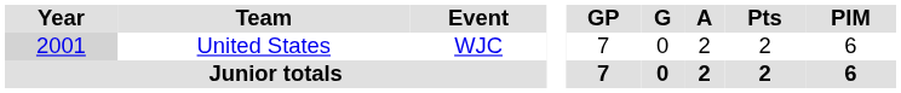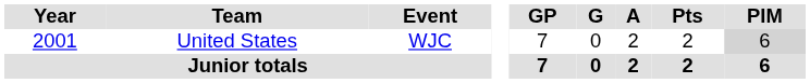 <table border="0" cellpadding="1" cellspacing="0" style="text-align:center; width:40em">
 <tr ALIGN="center" bgcolor="#e0e0e0">
 <th>Year</th>
 <th>Team</th>
 <th>Event</th>
 <th rowspan="99" bgcolor="#ffffff"> </th>
 <th>GP</th>
 <th>G</th>
 <th>A</th>
 <th>Pts</th>
 <th>PIM</th>
 </tr>
 <tr>
-<td style="background: lightgrey;"><a href='#'>2001</a></td>
+<td><a href='#'>2001</a></td>
 <td><a href='#'>United States</a></td>
 <td><a href='#'>WJC</a></td>
 <td>7</td>
 <td>0</td>
 <td>2</td>
 <td>2</td>
-<td>6</td>
+<td style="background: lightgrey;">6</td>
 </tr>
 <tr bgcolor="#e0e0e0">
 <th colspan="3">Junior totals</th>
 <th>7</th>
 <th>0</th>
 <th>2</th>
 <th>2</th>
 <th>6</th>
 </tr>
 </table>
